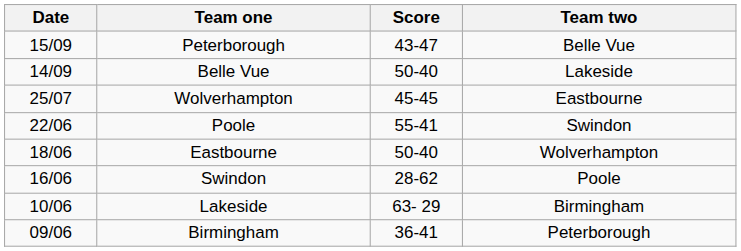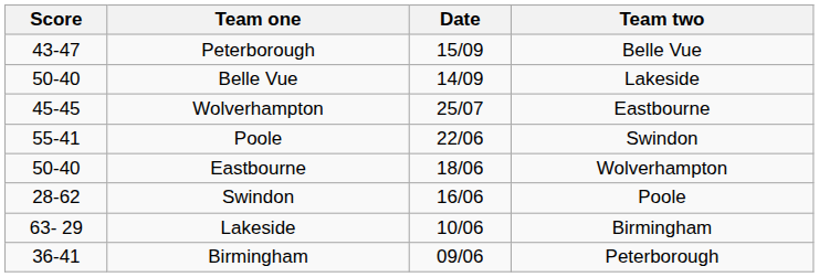 <table class="wikitable" style="text-align: center">
 <tr>
+<th width=80>Score</th>
+<th width=250>Team one</th>
 <th width=80>Date</th>
-<th width=250>Team one</th>
-<th width=80>Score</th>
 <th width=250>Team two</th>
 </tr>
 <tr>
+<td>43-47</td>
+<td>Peterborough</td>
 <td>15/09</td>
-<td>Peterborough</td>
-<td>43-47</td>
 <td>Belle Vue</td>
 </tr>
 <tr>
+<td>50-40</td>
+<td>Belle Vue</td>
 <td>14/09</td>
-<td>Belle Vue</td>
-<td>50-40</td>
 <td>Lakeside</td>
 </tr>
 <tr>
+<td>45-45</td>
+<td>Wolverhampton</td>
 <td>25/07</td>
-<td>Wolverhampton</td>
-<td>45-45</td>
 <td>Eastbourne</td>
 </tr>
 <tr>
+<td>55-41</td>
+<td>Poole</td>
 <td>22/06</td>
-<td>Poole</td>
-<td>55-41</td>
 <td>Swindon</td>
 </tr>
 <tr>
+<td>50-40</td>
+<td>Eastbourne</td>
 <td>18/06</td>
-<td>Eastbourne</td>
-<td>50-40</td>
 <td>Wolverhampton</td>
 </tr>
 <tr>
+<td>28-62</td>
+<td>Swindon</td>
 <td>16/06</td>
-<td>Swindon</td>
-<td>28-62</td>
 <td>Poole</td>
 </tr>
 <tr>
+<td>63-	29</td>
+<td>Lakeside</td>
 <td>10/06</td>
-<td>Lakeside</td>
-<td>63-	29</td>
 <td>Birmingham</td>
 </tr>
 <tr>
+<td>36-41</td>
+<td>Birmingham</td>
 <td>09/06</td>
-<td>Birmingham</td>
-<td>36-41</td>
 <td>Peterborough</td>
 </tr>
 </table>
